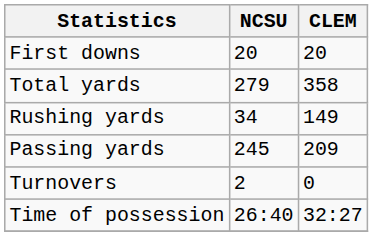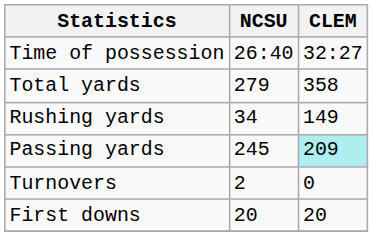 <table class="wikitable">
 <tr>
 <th>Statistics</th>
 <th>NCSU</th>
 <th>CLEM</th>
 </tr>
 <tr>
-<td>First downs</td>
-<td>20</td>
-<td>20</td>
+<td>Time of possession</td>
+<td>26:40</td>
+<td>32:27</td>
 </tr>
 <tr>
 <td>Total yards</td>
 <td>279</td>
 <td>358</td>
 </tr>
 <tr>
 <td>Rushing yards</td>
 <td>34</td>
 <td>149</td>
 </tr>
 <tr>
 <td>Passing yards</td>
 <td>245</td>
-<td>209</td>
+<td style="background: paleturquoise;">209</td>
 </tr>
 <tr>
 <td>Turnovers</td>
 <td>2</td>
 <td>0</td>
 </tr>
 <tr>
-<td>Time of possession</td>
-<td>26:40</td>
-<td>32:27</td>
+<td>First downs</td>
+<td>20</td>
+<td>20</td>
 </tr>
 <tr>
 </tr>
 </table>
